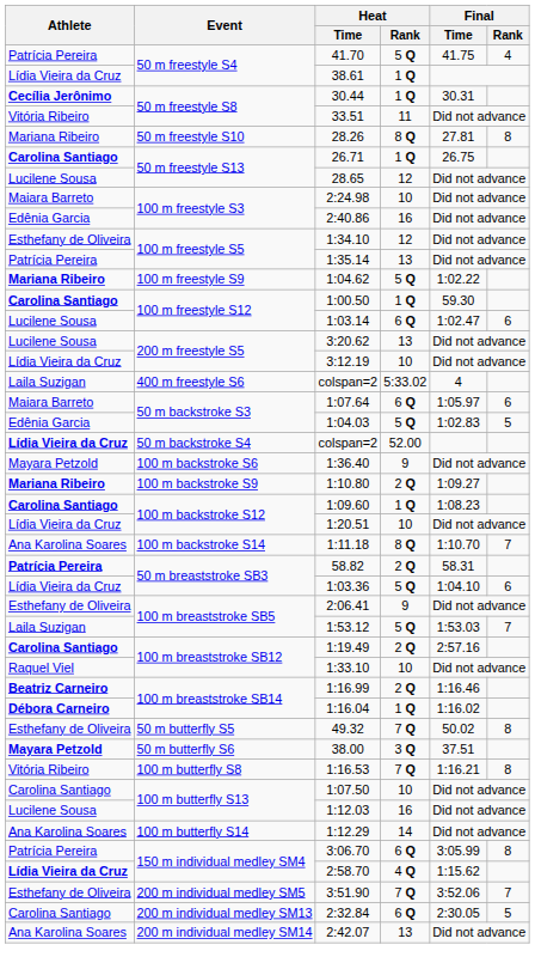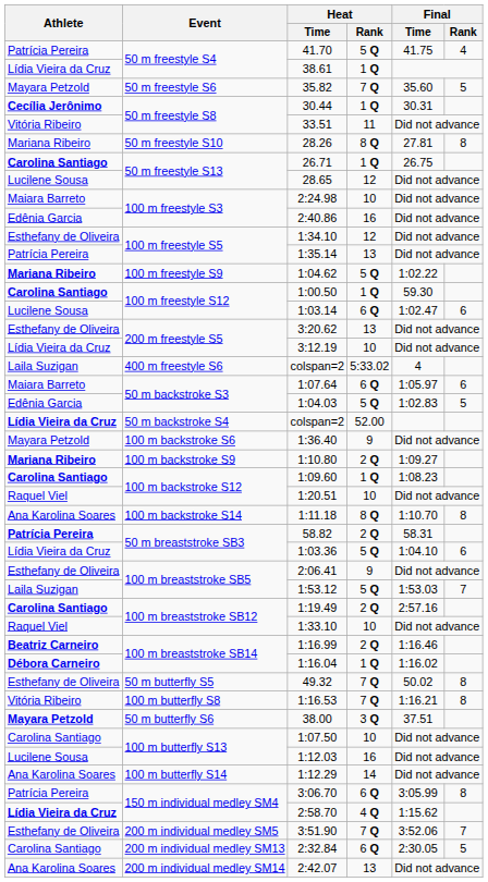 <table class=wikitable style=font-size:90%;text-align:center>
 <tr>
 <th rowspan=2>Athlete</th>
 <th rowspan=2>Event</th>
 <th colspan=2>Heat</th>
 <th colspan=2>Final</th>
 </tr>
 <tr style=font-size:95%>
 <th>Time</th>
 <th>Rank</th>
 <th>Time</th>
 <th>Rank</th>
 </tr>
 <tr align=center>
 <td align=left><a href='#'>Patrícia Pereira</a></td>
 <td align=left rowspan=2><a href='#'>50 m freestyle S4</a></td>
 <td>41.70</td>
 <td>5 <strong>Q</strong></td>
 <td>41.75</td>
 <td>4</td>
 </tr>
 <tr align=center>
 <td align=left><a href='#'>Lídia Vieira da Cruz</a></td>
 <td>38.61</td>
 <td>1 <strong>Q</strong></td>
 <td colspan=2></td>
+</tr>
+<tr align=center>
+<td align=left><a href='#'>Mayara Petzold</a></td>
+<td align=left><a href='#'>50 m freestyle S6</a></td>
+<td>35.82</td>
+<td>7 <strong>Q</strong></td>
+<td>35.60</td>
+<td>5</td>
 </tr>
 <tr align=center>
 <td align=left><strong><a href='#'>Cecília Jerônimo</a></strong></td>
 <td align=left rowspan=2><a href='#'>50 m freestyle S8</a></td>
 <td>30.44</td>
 <td>1 <strong>Q</strong></td>
 <td>30.31</td>
 <td></td>
 </tr>
 <tr align=center>
 <td align=left><a href='#'>Vitória Ribeiro</a></td>
 <td>33.51</td>
 <td>11</td>
 <td colspan=2>Did not advance</td>
 </tr>
 <tr align=center>
 <td align=left><a href='#'>Mariana Ribeiro</a></td>
 <td align=left><a href='#'>50 m freestyle S10</a></td>
 <td>28.26</td>
 <td>8 <strong>Q</strong></td>
 <td>27.81</td>
 <td>8</td>
 </tr>
 <tr align=center>
 <td align=left><strong><a href='#'>Carolina Santiago</a></strong></td>
 <td align=left rowspan=2><a href='#'>50 m freestyle S13</a></td>
 <td>26.71</td>
 <td>1 <strong>Q</strong></td>
 <td>26.75</td>
 <td></td>
 </tr>
 <tr align=center>
 <td align=left><a href='#'>Lucilene Sousa</a></td>
 <td>28.65</td>
 <td>12</td>
 <td colspan=2>Did not advance</td>
 </tr>
 <tr align=center>
 <td align=left><a href='#'>Maiara Barreto</a></td>
 <td align=left rowspan=2><a href='#'>100 m freestyle S3</a></td>
 <td>2:24.98</td>
 <td>10</td>
 <td colspan=2>Did not advance</td>
 </tr>
 <tr align=center>
 <td align=left><a href='#'>Edênia Garcia</a></td>
 <td>2:40.86</td>
 <td>16</td>
 <td colspan=2>Did not advance</td>
 </tr>
 <tr align=center>
 <td align=left><a href='#'>Esthefany de Oliveira</a></td>
 <td align=left rowspan=2><a href='#'>100 m freestyle S5</a></td>
 <td>1:34.10</td>
 <td>12</td>
 <td colspan=2>Did not advance</td>
 </tr>
 <tr align=center>
 <td align=left><a href='#'>Patrícia Pereira</a></td>
 <td>1:35.14</td>
 <td>13</td>
 <td colspan=2>Did not advance</td>
 </tr>
 <tr align=center>
 <td align=left><strong><a href='#'>Mariana Ribeiro</a></strong></td>
 <td align=left><a href='#'>100 m freestyle S9</a></td>
 <td>1:04.62</td>
 <td>5 <strong>Q</strong></td>
 <td>1:02.22</td>
 <td></td>
 </tr>
 <tr align=center>
 <td align=left><strong><a href='#'>Carolina Santiago</a></strong></td>
 <td align=left rowspan=2><a href='#'>100 m freestyle S12</a></td>
 <td>1:00.50</td>
 <td>1 <strong>Q</strong></td>
 <td>59.30</td>
 <td></td>
 </tr>
 <tr align=center>
 <td align=left><a href='#'>Lucilene Sousa</a></td>
 <td>1:03.14</td>
 <td>6 <strong>Q</strong></td>
 <td>1:02.47</td>
 <td>6</td>
 </tr>
 <tr align=center>
-<td align=left><a href='#'>Lucilene Sousa</a></td>
+<td align=left><a href='#'>Esthefany de Oliveira</a></td>
 <td align=left rowspan=2><a href='#'>200 m freestyle S5</a></td>
 <td>3:20.62</td>
 <td>13</td>
 <td colspan=2>Did not advance</td>
 </tr>
 <tr align=center>
 <td align=left><a href='#'>Lídia Vieira da Cruz</a></td>
 <td>3:12.19</td>
 <td>10</td>
 <td colspan=2>Did not advance</td>
 </tr>
 <tr align=center>
 <td align=left><a href='#'>Laila Suzigan</a></td>
 <td align=left><a href='#'>400 m freestyle S6</a></td>
 <td>colspan=2 </td>
 <td>5:33.02</td>
 <td>4</td>
 </tr>
 <tr align=center>
 <td align=left><a href='#'>Maiara Barreto</a></td>
 <td align=left rowspan=2><a href='#'>50 m backstroke S3</a></td>
 <td>1:07.64</td>
 <td>6 <strong>Q</strong></td>
 <td>1:05.97</td>
 <td>6</td>
 </tr>
 <tr align=center>
 <td align=left><a href='#'>Edênia Garcia</a></td>
 <td>1:04.03</td>
 <td>5 <strong>Q</strong></td>
 <td>1:02.83</td>
 <td>5</td>
 </tr>
 <tr align=center>
 <td align=left><strong><a href='#'>Lídia Vieira da Cruz</a></strong></td>
 <td align=left><a href='#'>50 m backstroke S4</a></td>
 <td>colspan=2 </td>
 <td>52.00</td>
 <td></td>
 </tr>
 <tr align=center>
 <td align=left><a href='#'>Mayara Petzold</a></td>
 <td align=left><a href='#'>100 m backstroke S6</a></td>
 <td>1:36.40</td>
 <td>9</td>
 <td colspan=2>Did not advance</td>
 </tr>
 <tr align=center>
 <td align=left><strong><a href='#'>Mariana Ribeiro</a></strong></td>
 <td align=left><a href='#'>100 m backstroke S9</a></td>
 <td>1:10.80</td>
 <td>2 <strong>Q</strong></td>
 <td>1:09.27</td>
 <td></td>
 </tr>
 <tr align=center>
 <td align=left><strong><a href='#'>Carolina Santiago</a></strong></td>
 <td align=left rowspan=2><a href='#'>100 m backstroke S12</a></td>
 <td>1:09.60</td>
 <td>1 <strong>Q</strong></td>
 <td>1:08.23</td>
 <td></td>
 </tr>
 <tr align=center>
-<td align=left><a href='#'>Lídia Vieira da Cruz</a></td>
+<td align=left><a href='#'>Raquel Viel</a></td>
 <td>1:20.51</td>
 <td>10</td>
 <td colspan=2>Did not advance</td>
 </tr>
 <tr align=center>
 <td align=left><a href='#'>Ana Karolina Soares</a></td>
 <td align=left><a href='#'>100 m backstroke S14</a></td>
 <td>1:11.18</td>
 <td>8 <strong>Q</strong></td>
 <td>1:10.70</td>
-<td>7</td>
+<td>8</td>
 </tr>
 <tr align=center>
 <td align=left><strong><a href='#'>Patrícia Pereira</a></strong></td>
 <td align=left rowspan=2><a href='#'>50 m breaststroke SB3</a></td>
 <td>58.82</td>
 <td>2 <strong>Q</strong></td>
 <td>58.31</td>
 <td></td>
 </tr>
 <tr align=center>
 <td align=left><a href='#'>Lídia Vieira da Cruz</a></td>
 <td>1:03.36</td>
 <td>5 <strong>Q</strong></td>
 <td>1:04.10</td>
 <td>6</td>
 </tr>
 <tr align=center>
 <td align=left><a href='#'>Esthefany de Oliveira</a></td>
 <td align=left rowspan=2><a href='#'>100 m breaststroke SB5</a></td>
 <td>2:06.41</td>
 <td>9</td>
 <td colspan=2>Did not advance</td>
 </tr>
 <tr align=center>
 <td align=left><a href='#'>Laila Suzigan</a></td>
 <td>1:53.12</td>
 <td>5 <strong>Q</strong></td>
 <td>1:53.03</td>
 <td>7</td>
 </tr>
 <tr align=center>
 <td align=left><strong><a href='#'>Carolina Santiago</a></strong></td>
 <td align=left rowspan=2><a href='#'>100 m breaststroke SB12</a></td>
 <td>1:19.49</td>
 <td>2 <strong>Q</strong></td>
 <td>2:57.16</td>
 <td></td>
 </tr>
 <tr align=center>
 <td align=left><a href='#'>Raquel Viel</a></td>
 <td>1:33.10</td>
 <td>10</td>
 <td colspan=2>Did not advance</td>
 </tr>
 <tr align=center>
 <td align=left><strong><a href='#'>Beatriz Carneiro</a></strong></td>
 <td align=left rowspan=2><a href='#'>100 m breaststroke SB14</a></td>
 <td>1:16.99</td>
 <td>2 <strong>Q</strong></td>
 <td>1:16.46</td>
 <td></td>
 </tr>
 <tr align=center>
 <td align=left><strong><a href='#'>Débora Carneiro</a></strong></td>
 <td>1:16.04</td>
 <td>1 <strong>Q</strong></td>
 <td>1:16.02</td>
 <td></td>
 </tr>
 <tr align=center>
 <td align=left><a href='#'>Esthefany de Oliveira</a></td>
 <td align=left><a href='#'>50 m butterfly S5</a></td>
 <td>49.32</td>
 <td>7 <strong>Q</strong></td>
 <td>50.02</td>
 <td>8</td>
 </tr>
 <tr align=center>
+<td align=left><a href='#'>Vitória Ribeiro</a></td>
+<td align=left><a href='#'>100 m butterfly S8</a></td>
+<td>1:16.53</td>
+<td>7 <strong>Q</strong></td>
+<td>1:16.21</td>
+<td>8</td>
+</tr>
+<tr align=center>
 <td align=left><strong><a href='#'>Mayara Petzold</a></strong></td>
 <td align=left><a href='#'>50 m butterfly S6</a></td>
 <td>38.00</td>
 <td>3 <strong>Q</strong></td>
 <td>37.51</td>
 <td></td>
-</tr>
-<tr align=center>
-<td align=left><a href='#'>Vitória Ribeiro</a></td>
-<td align=left><a href='#'>100 m butterfly S8</a></td>
-<td>1:16.53</td>
-<td>7 <strong>Q</strong></td>
-<td>1:16.21</td>
-<td>8</td>
 </tr>
 <tr align=center>
 <td align=left><a href='#'>Carolina Santiago</a></td>
 <td align=left rowspan=2><a href='#'>100 m butterfly S13</a></td>
 <td>1:07.50</td>
 <td>10</td>
 <td colspan=2>Did not advance</td>
 </tr>
 <tr align=center>
 <td align=left><a href='#'>Lucilene Sousa</a></td>
 <td>1:12.03</td>
 <td>16</td>
 <td colspan=2>Did not advance</td>
 </tr>
 <tr align=center>
 <td align=left><a href='#'>Ana Karolina Soares</a></td>
 <td align=left><a href='#'>100 m butterfly S14</a></td>
 <td>1:12.29</td>
 <td>14</td>
 <td colspan=2>Did not advance</td>
 </tr>
 <tr align=center>
 <td align=left><a href='#'>Patrícia Pereira</a></td>
 <td align=left rowspan=2><a href='#'>150 m individual medley SM4</a></td>
 <td>3:06.70</td>
 <td>6 <strong>Q</strong></td>
 <td>3:05.99</td>
 <td>8</td>
 </tr>
 <tr align=center>
 <td align=left><strong><a href='#'>Lídia Vieira da Cruz</a></strong></td>
 <td>2:58.70</td>
 <td>4 <strong>Q</strong></td>
 <td>1:15.62</td>
 <td></td>
 </tr>
 <tr align=center>
 <td align=left><a href='#'>Esthefany de Oliveira</a></td>
 <td align=left><a href='#'>200 m individual medley SM5</a></td>
 <td>3:51.90</td>
 <td>7 <strong>Q</strong></td>
 <td>3:52.06</td>
 <td>7</td>
 </tr>
 <tr align=center>
 <td align=left><a href='#'>Carolina Santiago</a></td>
 <td align=left><a href='#'>200 m individual medley SM13</a></td>
 <td>2:32.84</td>
 <td>6 <strong>Q</strong></td>
 <td>2:30.05</td>
 <td>5</td>
 </tr>
 <tr align=center>
 <td align=left><a href='#'>Ana Karolina Soares</a></td>
 <td align=left><a href='#'>200 m individual medley SM14</a></td>
 <td>2:42.07</td>
 <td>13</td>
 <td colspan=2>Did not advance</td>
 </tr>
 </table>
